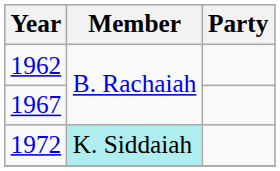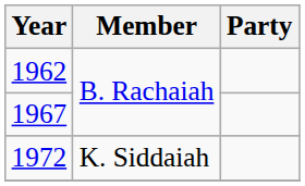 <table class="wikitable sortable">
 <tr>
 <th>Year</th>
 <th>Member</th>
 <th colspan="2">Party</th>
 </tr>
 <tr>
 <td><a href='#'>1962</a></td>
 <td rowspan="2"><a href='#'>B. Rachaiah</a></td>
 <td></td>
 </tr>
 <tr>
 <td><a href='#'>1967</a></td>
 </tr>
 <tr>
 <td><a href='#'>1972</a></td>
-<td style="background: paleturquoise;">K. Siddaiah</td>
+<td>K. Siddaiah</td>
 <td></td>
 </tr>
 <tr>
 </tr>
 </table>
